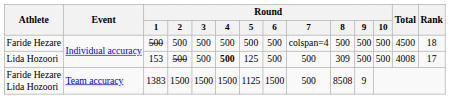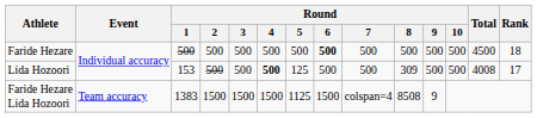 <table class=wikitable style=font-size:90%;text-align:center>
 <tr>
 <th rowspan="2">Athlete</th>
 <th rowspan="2">Event</th>
 <th colspan=10>Round</th>
 <th rowspan=2>Total</th>
 <th rowspan=2>Rank</th>
 </tr>
 <tr style="font-size:95%">
 <th>1</th>
 <th>2</th>
 <th>3</th>
 <th>4</th>
 <th>5</th>
 <th>6</th>
 <th>7</th>
 <th>8</th>
 <th>9</th>
 <th>10</th>
 </tr>
 <tr>
 <td align=left>Faride Hezare</td>
 <td align=left rowspan=2><a href='#'>Individual accuracy</a></td>
 <td><s>500</s></td>
 <td>500</td>
 <td>500</td>
 <td>500</td>
 <td>500</td>
+<td><strong>500</strong></td>
 <td>500</td>
-<td>colspan=4 </td>
 <td>500</td>
 <td>500</td>
 <td>500</td>
 <td>4500</td>
 <td>18</td>
 </tr>
 <tr>
 <td align=left>Lida Hozoori</td>
 <td>153</td>
 <td><s>500</s></td>
 <td>500</td>
 <td><strong>500</strong></td>
 <td>125</td>
 <td>500</td>
 <td>500</td>
 <td>309</td>
 <td>500</td>
 <td>500</td>
 <td>4008</td>
 <td>17</td>
 </tr>
 <tr>
 <td align=left>Faride Hezare<br>Lida Hozoori</td>
 <td align=left><a href='#'>Team accuracy</a></td>
 <td>1383</td>
 <td>1500</td>
 <td>1500</td>
 <td>1500</td>
 <td>1125</td>
 <td>1500</td>
-<td>500</td>
+<td>colspan=4 </td>
 <td>8508</td>
 <td>9</td>
 </tr>
 </table>
